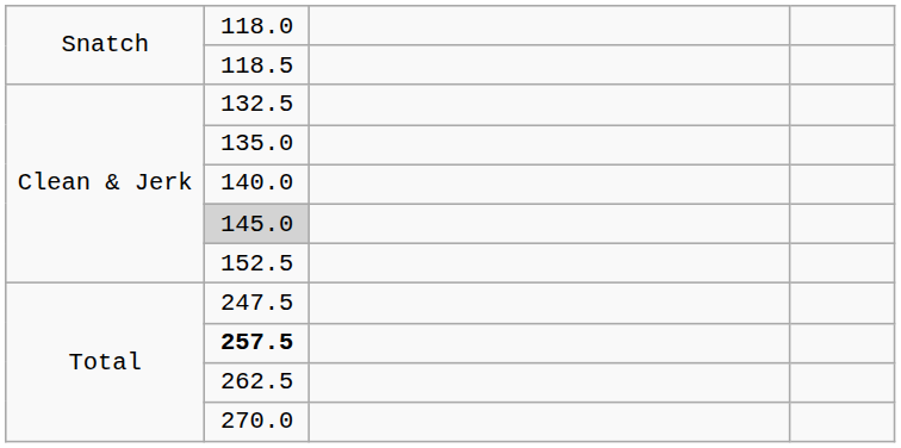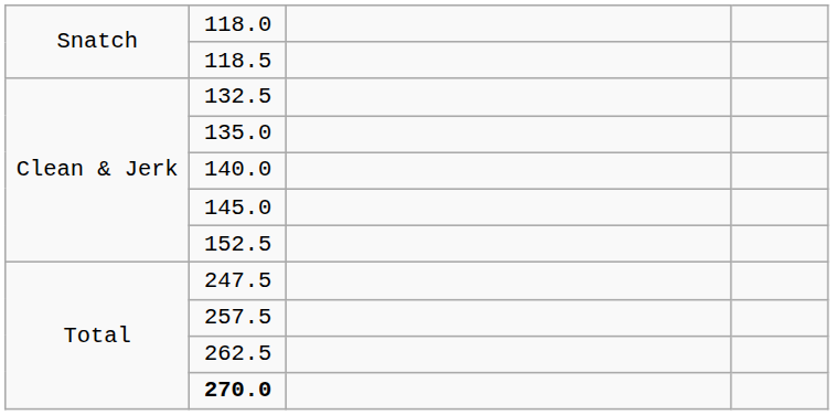 <table class = "wikitable" style="text-align:center;">
 <tr>
 <td rowspan=2 width=100>Snatch</td>
 <td width=50>118.0</td>
 <td width=250 align=left></td>
 <td width=50></td>
 </tr>
 <tr>
 <td>118.5</td>
 <td align=left></td>
 <td></td>
 </tr>
 <tr>
 <td rowspan=5 width=100>Clean & Jerk</td>
 <td width=50>132.5</td>
 <td width=250 align=left></td>
 <td width=50></td>
 </tr>
 <tr>
 <td>135.0</td>
 <td align=left></td>
 <td></td>
 </tr>
 <tr>
 <td>140.0</td>
 <td align=left></td>
 <td></td>
 </tr>
 <tr>
-<td style="background: lightgrey;">145.0</td>
+<td>145.0</td>
 <td align=left></td>
 <td></td>
 </tr>
 <tr>
 <td>152.5</td>
 <td align=left></td>
 <td></td>
 </tr>
 <tr>
 <td rowspan=4>Total</td>
 <td>247.5</td>
 <td align=left></td>
 <td></td>
 </tr>
 <tr>
-<td><strong>257.5</strong></td>
+<td>257.5</td>
 <td align=left></td>
 <td></td>
 </tr>
 <tr>
 <td>262.5</td>
 <td align=left></td>
 <td></td>
 </tr>
 <tr>
-<td>270.0</td>
+<td><strong>270.0</strong></td>
 <td align=left></td>
 <td></td>
 </tr>
 </table>
